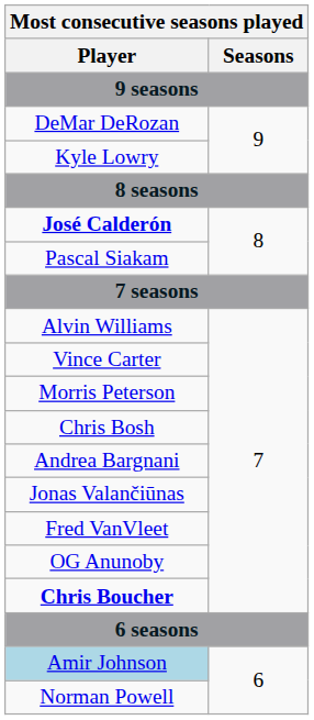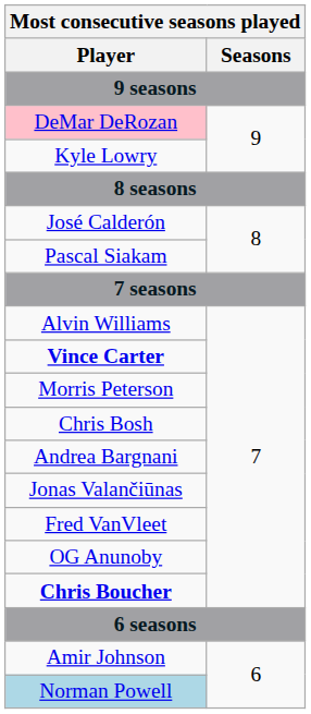 <table class="wikitable" style="text-align:center">
 <tr>
 <th colspan="2">Most consecutive seasons played</th>
 </tr>
 <tr>
 <th>Player</th>
 <th>Seasons</th>
 </tr>
 <tr>
 <th colspan="2" style="text-align:center; background:#A1A1A4; color:#061922;">9 seasons</th>
 </tr>
 <tr>
-<td><a href='#'>DeMar DeRozan</a></td>
+<td style="background: pink;"><a href='#'>DeMar DeRozan</a></td>
 <td rowspan=2>9</td>
 </tr>
 <tr>
 <td><a href='#'>Kyle Lowry</a></td>
 </tr>
 <tr>
 <th colspan="2" style="text-align:center; background:#A1A1A4; color:#061922;">8 seasons</th>
 </tr>
 <tr>
-<td><strong><a href='#'>José Calderón</a></strong></td>
+<td><a href='#'>José Calderón</a></td>
 <td rowspan=2>8</td>
 </tr>
 <tr>
 <td><a href='#'>Pascal Siakam</a></td>
 </tr>
 <tr>
 <th colspan="2" style="text-align:center; background:#A1A1A4; color:#061922;">7 seasons</th>
 </tr>
 <tr>
 <td><a href='#'>Alvin Williams</a></td>
 <td rowspan=9>7</td>
 </tr>
 <tr>
-<td><a href='#'>Vince Carter</a></td>
+<td><strong><a href='#'>Vince Carter</a></strong></td>
 </tr>
 <tr>
 <td><a href='#'>Morris Peterson</a></td>
 </tr>
 <tr>
 <td><a href='#'>Chris Bosh</a></td>
 </tr>
 <tr>
 <td><a href='#'>Andrea Bargnani</a></td>
 </tr>
 <tr>
 <td><a href='#'>Jonas Valančiūnas</a></td>
 </tr>
 <tr>
 <td><a href='#'>Fred VanVleet</a></td>
 </tr>
 <tr>
 <td><a href='#'>OG Anunoby</a></td>
 </tr>
 <tr>
 <td><strong><a href='#'>Chris Boucher</a></strong></td>
 </tr>
 <tr>
 <th colspan="2" style="text-align:center; background:#A1A1A4; color:#061922;">6 seasons</th>
 </tr>
 <tr>
-<td style="background: lightblue;"><a href='#'>Amir Johnson</a></td>
+<td><a href='#'>Amir Johnson</a></td>
 <td rowspan= 2>6</td>
 </tr>
 <tr>
-<td><a href='#'>Norman Powell</a></td>
+<td style="background: lightblue;"><a href='#'>Norman Powell</a></td>
 </tr>
 </table>
